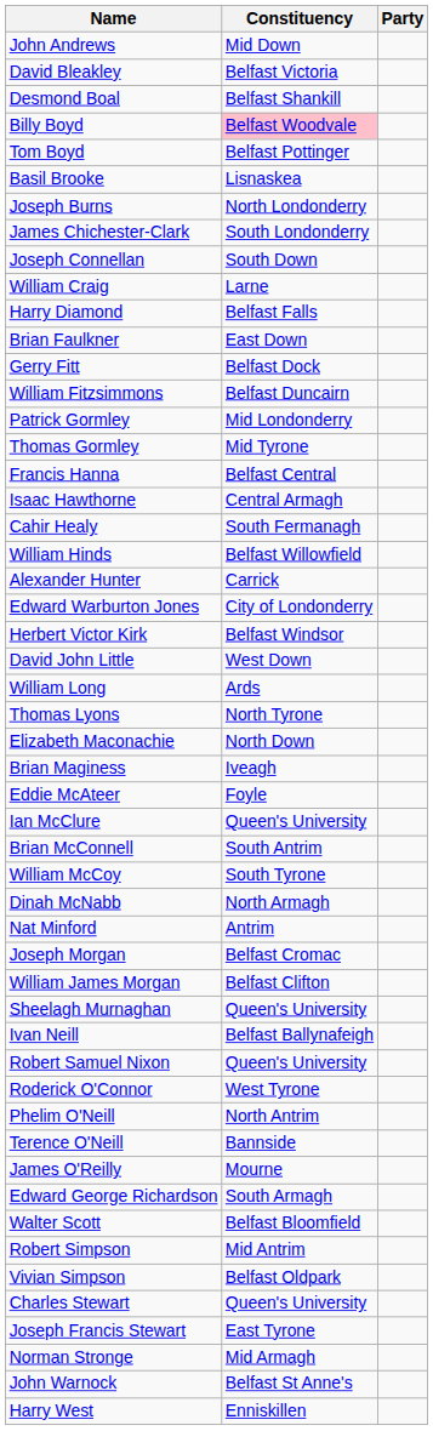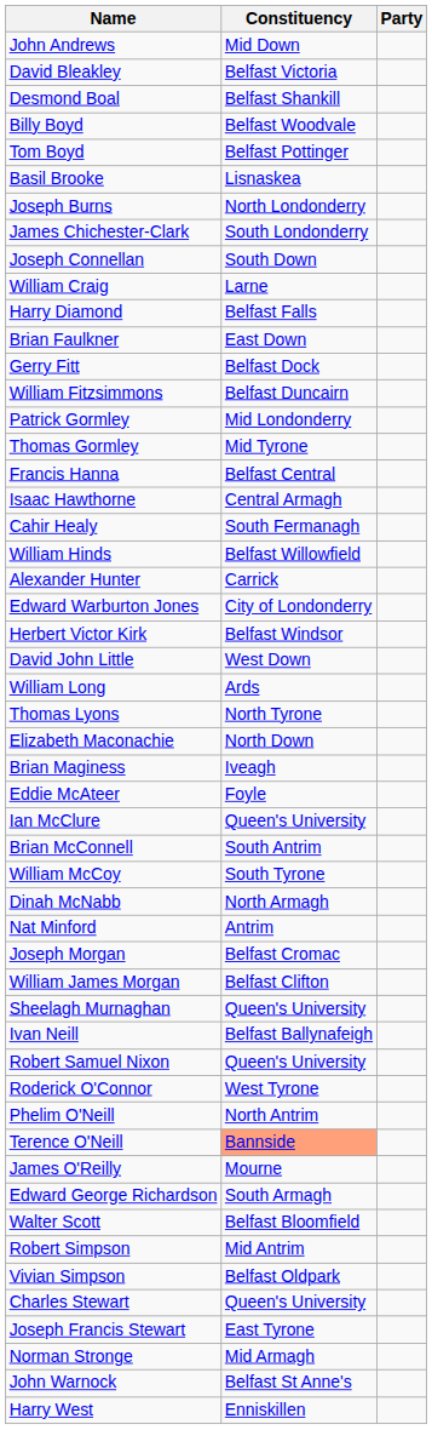 <table class="wikitable sortable">
 <tr>
 <th>Name</th>
 <th>Constituency</th>
 <th colspan=2>Party</th>
 </tr>
 <tr>
 <td><a href='#'>John Andrews</a></td>
 <td><a href='#'>Mid Down</a></td>
 <td></td>
 </tr>
 <tr>
 <td><a href='#'>David Bleakley</a></td>
 <td><a href='#'>Belfast Victoria</a></td>
 <td></td>
 </tr>
 <tr>
 <td><a href='#'>Desmond Boal</a></td>
 <td><a href='#'>Belfast Shankill</a></td>
 <td></td>
 </tr>
 <tr>
 <td><a href='#'>Billy Boyd</a></td>
-<td style="background: pink;"><a href='#'>Belfast Woodvale</a></td>
+<td><a href='#'>Belfast Woodvale</a></td>
 <td></td>
 </tr>
 <tr>
 <td><a href='#'>Tom Boyd</a></td>
 <td><a href='#'>Belfast Pottinger</a></td>
 <td></td>
 </tr>
 <tr>
 <td><a href='#'>Basil Brooke</a></td>
 <td><a href='#'>Lisnaskea</a></td>
 <td></td>
 </tr>
 <tr>
 <td><a href='#'>Joseph Burns</a></td>
 <td><a href='#'>North Londonderry</a></td>
 <td></td>
 </tr>
 <tr>
 <td><a href='#'>James Chichester-Clark</a></td>
 <td><a href='#'>South Londonderry</a></td>
 <td></td>
 </tr>
 <tr>
 <td><a href='#'>Joseph Connellan</a></td>
 <td><a href='#'>South Down</a></td>
 <td></td>
 </tr>
 <tr>
 <td><a href='#'>William Craig</a></td>
 <td><a href='#'>Larne</a></td>
 <td></td>
 </tr>
 <tr>
 <td><a href='#'>Harry Diamond</a></td>
 <td><a href='#'>Belfast Falls</a></td>
 <td></td>
 </tr>
 <tr>
 <td><a href='#'>Brian Faulkner</a></td>
 <td><a href='#'>East Down</a></td>
 <td></td>
 </tr>
 <tr>
 <td><a href='#'>Gerry Fitt</a></td>
 <td><a href='#'>Belfast Dock</a></td>
 <td></td>
 </tr>
 <tr>
 <td><a href='#'>William Fitzsimmons</a></td>
 <td><a href='#'>Belfast Duncairn</a></td>
 <td></td>
 </tr>
 <tr>
 <td><a href='#'>Patrick Gormley</a></td>
 <td><a href='#'>Mid Londonderry</a></td>
 <td></td>
 </tr>
 <tr>
 <td><a href='#'>Thomas Gormley</a></td>
 <td><a href='#'>Mid Tyrone</a></td>
 <td></td>
 </tr>
 <tr>
 <td><a href='#'>Francis Hanna</a></td>
 <td><a href='#'>Belfast Central</a></td>
 <td></td>
 </tr>
 <tr>
 <td><a href='#'>Isaac Hawthorne</a></td>
 <td><a href='#'>Central Armagh</a></td>
 <td></td>
 </tr>
 <tr>
 <td><a href='#'>Cahir Healy</a></td>
 <td><a href='#'>South Fermanagh</a></td>
 <td></td>
 </tr>
 <tr>
 <td><a href='#'>William Hinds</a></td>
 <td><a href='#'>Belfast Willowfield</a></td>
 <td></td>
 </tr>
 <tr>
 <td><a href='#'>Alexander Hunter</a></td>
 <td><a href='#'>Carrick</a></td>
 <td></td>
 </tr>
 <tr>
 <td><a href='#'>Edward Warburton Jones</a></td>
 <td><a href='#'>City of Londonderry</a></td>
 <td></td>
 </tr>
 <tr>
 <td><a href='#'>Herbert Victor Kirk</a></td>
 <td><a href='#'>Belfast Windsor</a></td>
 <td></td>
 </tr>
 <tr>
 <td><a href='#'>David John Little</a></td>
 <td><a href='#'>West Down</a></td>
 <td></td>
 </tr>
 <tr>
 <td><a href='#'>William Long</a></td>
 <td><a href='#'>Ards</a></td>
 <td></td>
 </tr>
 <tr>
 <td><a href='#'>Thomas Lyons</a></td>
 <td><a href='#'>North Tyrone</a></td>
 <td></td>
 </tr>
 <tr>
 <td><a href='#'>Elizabeth Maconachie</a></td>
 <td><a href='#'>North Down</a></td>
 <td></td>
 </tr>
 <tr>
 <td><a href='#'>Brian Maginess</a></td>
 <td><a href='#'>Iveagh</a></td>
 <td></td>
 </tr>
 <tr>
 <td><a href='#'>Eddie McAteer</a></td>
 <td><a href='#'>Foyle</a></td>
 <td></td>
 </tr>
 <tr>
 <td><a href='#'>Ian McClure</a></td>
 <td><a href='#'>Queen's University</a></td>
 <td></td>
 </tr>
 <tr>
 <td><a href='#'>Brian McConnell</a></td>
 <td><a href='#'>South Antrim</a></td>
 <td></td>
 </tr>
 <tr>
 <td><a href='#'>William McCoy</a></td>
 <td><a href='#'>South Tyrone</a></td>
 <td></td>
 </tr>
 <tr>
 <td><a href='#'>Dinah McNabb</a></td>
 <td><a href='#'>North Armagh</a></td>
 <td></td>
 </tr>
 <tr>
 <td><a href='#'>Nat Minford</a></td>
 <td><a href='#'>Antrim</a></td>
 <td></td>
 </tr>
 <tr>
 <td><a href='#'>Joseph Morgan</a></td>
 <td><a href='#'>Belfast Cromac</a></td>
 <td></td>
 </tr>
 <tr>
 <td><a href='#'>William James Morgan</a></td>
 <td><a href='#'>Belfast Clifton</a></td>
 <td></td>
 </tr>
 <tr>
 <td><a href='#'>Sheelagh Murnaghan</a></td>
 <td><a href='#'>Queen's University</a></td>
 <td></td>
 </tr>
 <tr>
 <td><a href='#'>Ivan Neill</a></td>
 <td><a href='#'>Belfast Ballynafeigh</a></td>
 <td></td>
 </tr>
 <tr>
 <td><a href='#'>Robert Samuel Nixon</a></td>
 <td><a href='#'>Queen's University</a></td>
 <td></td>
 </tr>
 <tr>
 <td><a href='#'>Roderick O'Connor</a></td>
 <td><a href='#'>West Tyrone</a></td>
 <td></td>
 </tr>
 <tr>
 <td><a href='#'>Phelim O'Neill</a></td>
 <td><a href='#'>North Antrim</a></td>
 <td></td>
 </tr>
 <tr>
 <td><a href='#'>Terence O'Neill</a></td>
-<td><a href='#'>Bannside</a></td>
+<td style="background: lightsalmon;"><a href='#'>Bannside</a></td>
 <td></td>
 </tr>
 <tr>
 <td><a href='#'>James O'Reilly</a></td>
 <td><a href='#'>Mourne</a></td>
 <td></td>
 </tr>
 <tr>
 <td><a href='#'>Edward George Richardson</a></td>
 <td><a href='#'>South Armagh</a></td>
 <td></td>
 </tr>
 <tr>
 <td><a href='#'>Walter Scott</a></td>
 <td><a href='#'>Belfast Bloomfield</a></td>
 <td></td>
 </tr>
 <tr>
 <td><a href='#'>Robert Simpson</a></td>
 <td><a href='#'>Mid Antrim</a></td>
 <td></td>
 </tr>
 <tr>
 <td><a href='#'>Vivian Simpson</a></td>
 <td><a href='#'>Belfast Oldpark</a></td>
 <td></td>
 </tr>
 <tr>
 <td><a href='#'>Charles Stewart</a></td>
 <td><a href='#'>Queen's University</a></td>
 <td></td>
 </tr>
 <tr>
 <td><a href='#'>Joseph Francis Stewart</a></td>
 <td><a href='#'>East Tyrone</a></td>
 <td></td>
 </tr>
 <tr>
 <td><a href='#'>Norman Stronge</a></td>
 <td><a href='#'>Mid Armagh</a></td>
 <td></td>
 </tr>
 <tr>
 <td><a href='#'>John Warnock</a></td>
 <td><a href='#'>Belfast St Anne's</a></td>
 <td></td>
 </tr>
 <tr>
 <td><a href='#'>Harry West</a></td>
 <td><a href='#'>Enniskillen</a></td>
 <td></td>
 </tr>
 </table>
